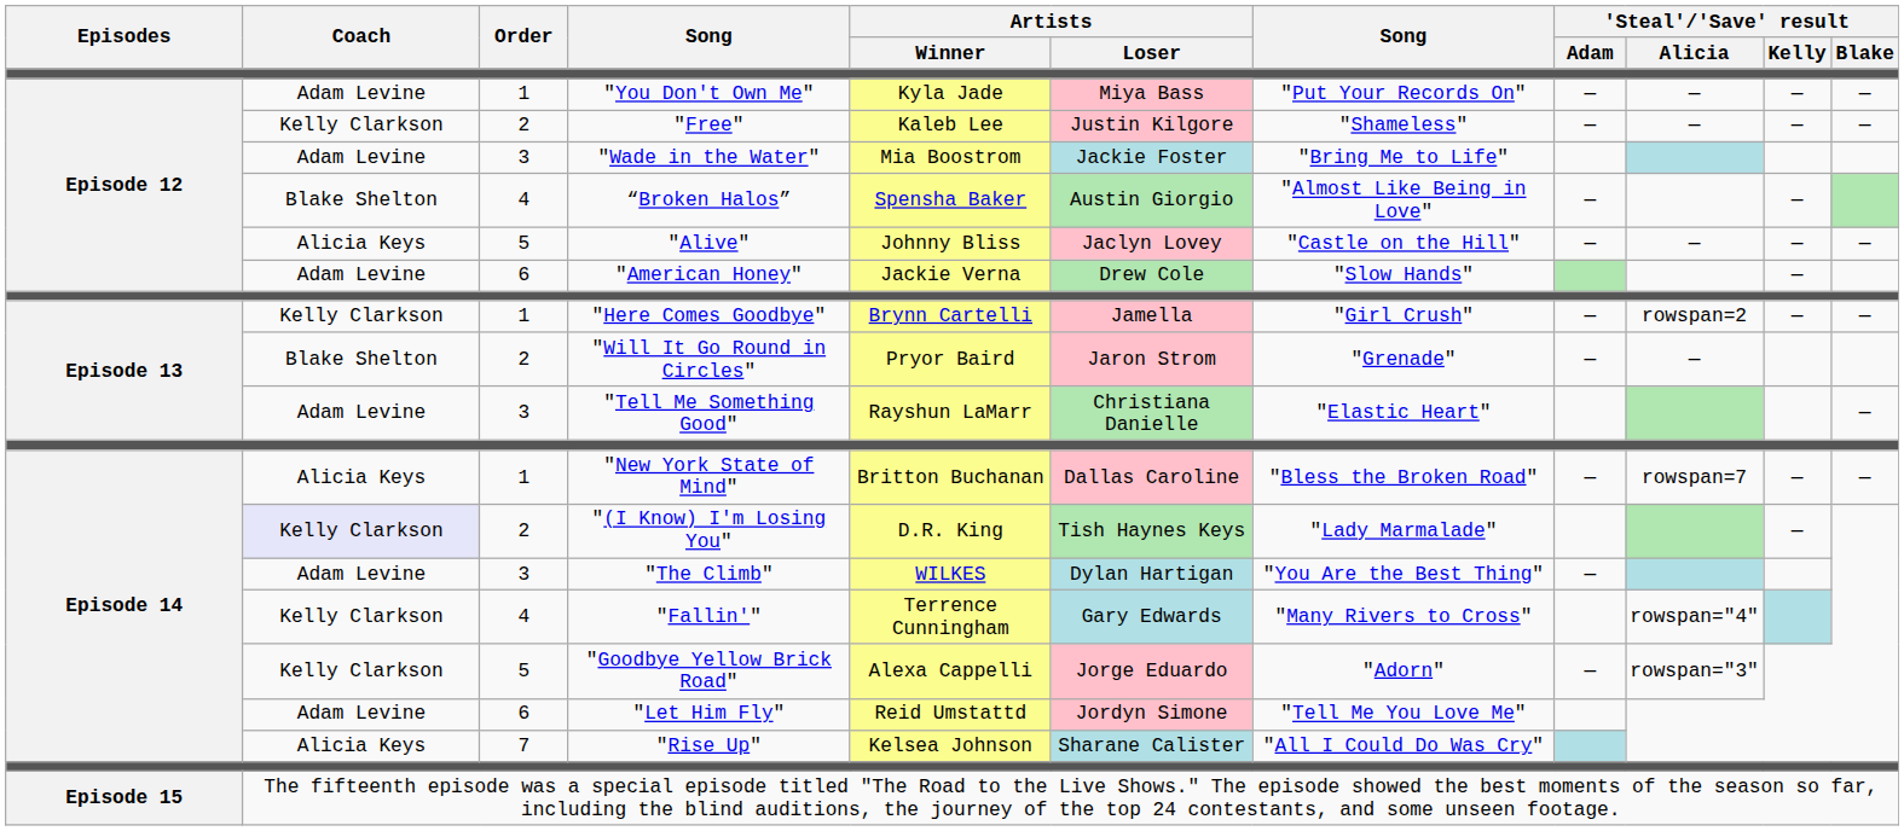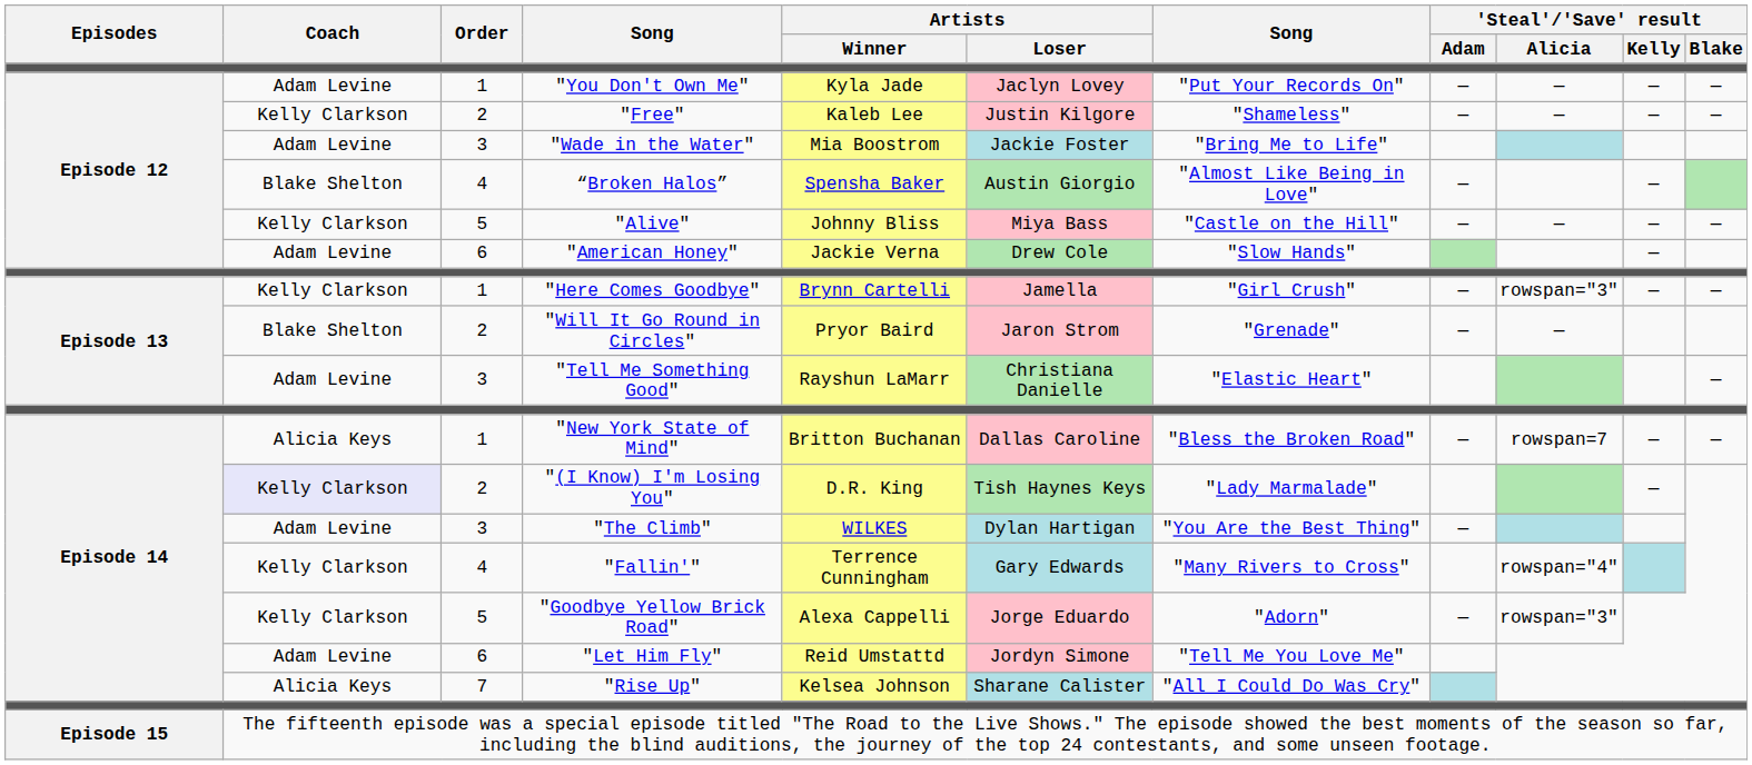 <table class="wikitable" style="text-align: center; width:100%;">
 <tr>
 <th rowspan="2" style="width:15%;">Episodes</th>
 <th rowspan="2" style="width:15%;">Coach</th>
 <th rowspan="2" style="width:05%;">Order</th>
 <th rowspan="2" style="width:18%;">Song</th>
 <th colspan="2" style="width:22%;">Artists</th>
 <th rowspan="2" style="width:19%;">Song</th>
 <th colspan="4" style="width:20%;">'Steal'/'Save' result</th>
 </tr>
 <tr>
 <th style="width:12%;">Winner</th>
 <th style="width:12%;">Loser</th>
 <th style="width:05%;">Adam</th>
 <th style="width:05%;">Alicia</th>
 <th style="width:05%;">Kelly</th>
 <th style="width:05%;">Blake</th>
 </tr>
 <tr>
 <td colspan="11" style="background:#555;"></td>
 </tr>
 <tr>
 <th rowspan="6">Episode 12 <br><small></small></th>
 <td>Adam Levine</td>
 <td>1</td>
 <td>"<a href='#'>You Don't Own Me</a>"</td>
 <td style="background:#FCFD8F;">Kyla Jade</td>
-<td style="background:pink;">Miya Bass</td>
+<td style="background:pink;">Jaclyn Lovey</td>
 <td>"<a href='#'>Put Your Records On</a>"</td>
 <td>—</td>
 <td>—</td>
 <td>—</td>
 <td>—</td>
 </tr>
 <tr>
 <td>Kelly Clarkson</td>
 <td>2</td>
 <td>"<a href='#'>Free</a>"</td>
 <td style="background:#FCFD8F;">Kaleb Lee</td>
 <td style="background:pink;">Justin Kilgore</td>
 <td>"<a href='#'>Shameless</a>"</td>
 <td>—</td>
 <td>—</td>
 <td>—</td>
 <td>—</td>
 </tr>
 <tr>
 <td>Adam Levine</td>
 <td>3</td>
 <td>"<a href='#'>Wade in the Water</a>"</td>
 <td style="background:#FCFD8F;">Mia Boostrom</td>
 <td style="background:#b0e0e6;">Jackie Foster</td>
 <td>"<a href='#'>Bring Me to Life</a>"</td>
 <td><strong></strong></td>
 <td style="background:#b0e0e6;"><strong></strong></td>
 <td><strong></strong></td>
 <td><strong></strong></td>
 </tr>
 <tr>
 <td>Blake Shelton</td>
 <td>4</td>
 <td>“<a href='#'>Broken Halos</a>”</td>
 <td style="background:#FCFD8F;"><a href='#'>Spensha Baker</a></td>
 <td style="background:#b0e6b0;">Austin Giorgio</td>
 <td>"<a href='#'>Almost Like Being in Love</a>"</td>
 <td>—</td>
 <td></td>
 <td>—</td>
 <td bgcolor=#b0e6b0><strong></strong></td>
 </tr>
 <tr>
-<td>Alicia Keys</td>
+<td>Kelly Clarkson</td>
 <td>5</td>
 <td>"<a href='#'>Alive</a>"</td>
 <td style="background:#FCFD8F;">Johnny Bliss</td>
-<td style="background:pink;">Jaclyn Lovey</td>
+<td style="background:pink;">Miya Bass</td>
 <td>"<a href='#'>Castle on the Hill</a>"</td>
 <td>—</td>
 <td>—</td>
 <td>—</td>
 <td>—</td>
 </tr>
 <tr>
 <td>Adam Levine</td>
 <td>6</td>
 <td>"<a href='#'>American Honey</a>"</td>
 <td style="background:#FCFD8F;">Jackie Verna</td>
 <td style="background:#b0e6b0;">Drew Cole</td>
 <td>"<a href='#'>Slow Hands</a>"</td>
 <td style="background:#b0e6b0;"><strong></strong></td>
 <td></td>
 <td>—</td>
 <td><strong></strong></td>
 </tr>
 <tr>
 <td colspan="11" style="background:#555;"></td>
 </tr>
 <tr>
 <th rowspan="3">Episode 13 <br><small></small></th>
 <td>Kelly Clarkson</td>
 <td>1</td>
 <td>"<a href='#'>Here Comes Goodbye</a>"</td>
 <td style="background:#FCFD8F;"><a href='#'>Brynn Cartelli</a></td>
 <td style="background:pink;">Jamella</td>
 <td>"<a href='#'>Girl Crush</a>"</td>
 <td>—</td>
-<td>rowspan=2 </td>
+<td>rowspan="3" </td>
 <td>—</td>
 <td>—</td>
 </tr>
 <tr>
 <td>Blake Shelton</td>
 <td>2</td>
 <td>"<a href='#'>Will It Go Round in Circles</a>"</td>
 <td style="background:#FCFD8F;">Pryor Baird</td>
 <td style="background:pink;">Jaron Strom</td>
 <td>"<a href='#'>Grenade</a>"</td>
 <td>—</td>
 <td>—</td>
 <td></td>
 </tr>
 <tr>
 <td>Adam Levine</td>
 <td>3</td>
 <td>"<a href='#'>Tell Me Something Good</a>"</td>
 <td style="background:#FCFD8F;">Rayshun LaMarr</td>
 <td style="background:#b0e6b0;">Christiana Danielle</td>
 <td>"<a href='#'>Elastic Heart</a>"</td>
 <td><strong></strong></td>
 <td bgcolor=#b0e6b0><strong></strong></td>
 <td><strong></strong></td>
 <td>—</td>
 </tr>
 <tr>
 <td colspan="11" style="background:#555;"></td>
 </tr>
 <tr>
 <th rowspan="7">Episode 14 <br><small> </small></th>
 <td>Alicia Keys</td>
 <td>1</td>
 <td>"<a href='#'>New York State of Mind</a>"</td>
 <td style="background:#FCFD8F;">Britton Buchanan</td>
 <td style="background:pink;">Dallas Caroline</td>
 <td>"<a href='#'>Bless the Broken Road</a>"</td>
 <td>—</td>
 <td>rowspan=7 </td>
 <td>—</td>
 <td>—</td>
 </tr>
 <tr>
 <td style="background: lavender;">Kelly Clarkson</td>
 <td>2</td>
 <td>"<a href='#'>(I Know) I'm Losing You</a>"</td>
 <td style="background:#FCFD8F;">D.R. King</td>
 <td style="background:#b0e6b0;">Tish Haynes Keys</td>
 <td>"<a href='#'>Lady Marmalade</a>"</td>
 <td><strong></strong></td>
 <td bgcolor=#b0e6b0><strong></strong></td>
 <td>—</td>
 </tr>
 <tr>
 <td>Adam Levine</td>
 <td>3</td>
 <td>"<a href='#'>The Climb</a>"</td>
 <td style="background:#FCFD8F;"><a href='#'>WILKES</a></td>
 <td style="background:#b0e0e6;">Dylan Hartigan</td>
 <td>"<a href='#'>You Are the Best Thing</a>"</td>
 <td>—</td>
 <td bgcolor=#b0e0e6><strong></strong></td>
 <td></td>
 </tr>
 <tr>
 <td>Kelly Clarkson</td>
 <td>4</td>
 <td>"<a href='#'>Fallin'</a>"</td>
 <td style="background:#FCFD8F;">Terrence Cunningham</td>
 <td style="background:#b0e0e6;">Gary Edwards</td>
 <td>"<a href='#'>Many Rivers to Cross</a>"</td>
 <td></td>
 <td>rowspan="4" </td>
 <td bgcolor=#b0e0e6><strong></strong></td>
 </tr>
 <tr>
 <td>Kelly Clarkson</td>
 <td>5</td>
 <td>"<a href='#'>Goodbye Yellow Brick Road</a>"</td>
 <td style="background:#FCFD8F;">Alexa Cappelli</td>
 <td style="background:pink;">Jorge Eduardo</td>
 <td>"<a href='#'>Adorn</a>"</td>
 <td>—</td>
 <td>rowspan="3" </td>
 </tr>
 <tr>
 <td>Adam Levine</td>
 <td>6</td>
 <td>"<a href='#'>Let Him Fly</a>"</td>
 <td style="background:#FCFD8F;">Reid Umstattd</td>
 <td style="background:pink;">Jordyn Simone</td>
 <td>"<a href='#'>Tell Me You Love Me</a>"</td>
 <td></td>
 </tr>
 <tr>
 <td>Alicia Keys</td>
 <td>7</td>
 <td>"<a href='#'>Rise Up</a>"</td>
 <td style="background:#FCFD8F;">Kelsea Johnson</td>
 <td style="background:#b0e0e6;">Sharane Calister</td>
 <td>"<a href='#'>All I Could Do Was Cry</a>"</td>
 <td bgcolor=#b0e0e6><strong></strong></td>
 </tr>
 <tr>
 <td colspan="11" style="background:#555;"></td>
 </tr>
 <tr>
 <th>Episode 15 <br><small> </small></th>
 <td colspan="10">The fifteenth episode was a special episode titled "The Road to the Live Shows." The episode showed the best moments of the season so far, including the blind auditions, the journey of the top 24 contestants, and some unseen footage.</td>
 </tr>
 </table>
